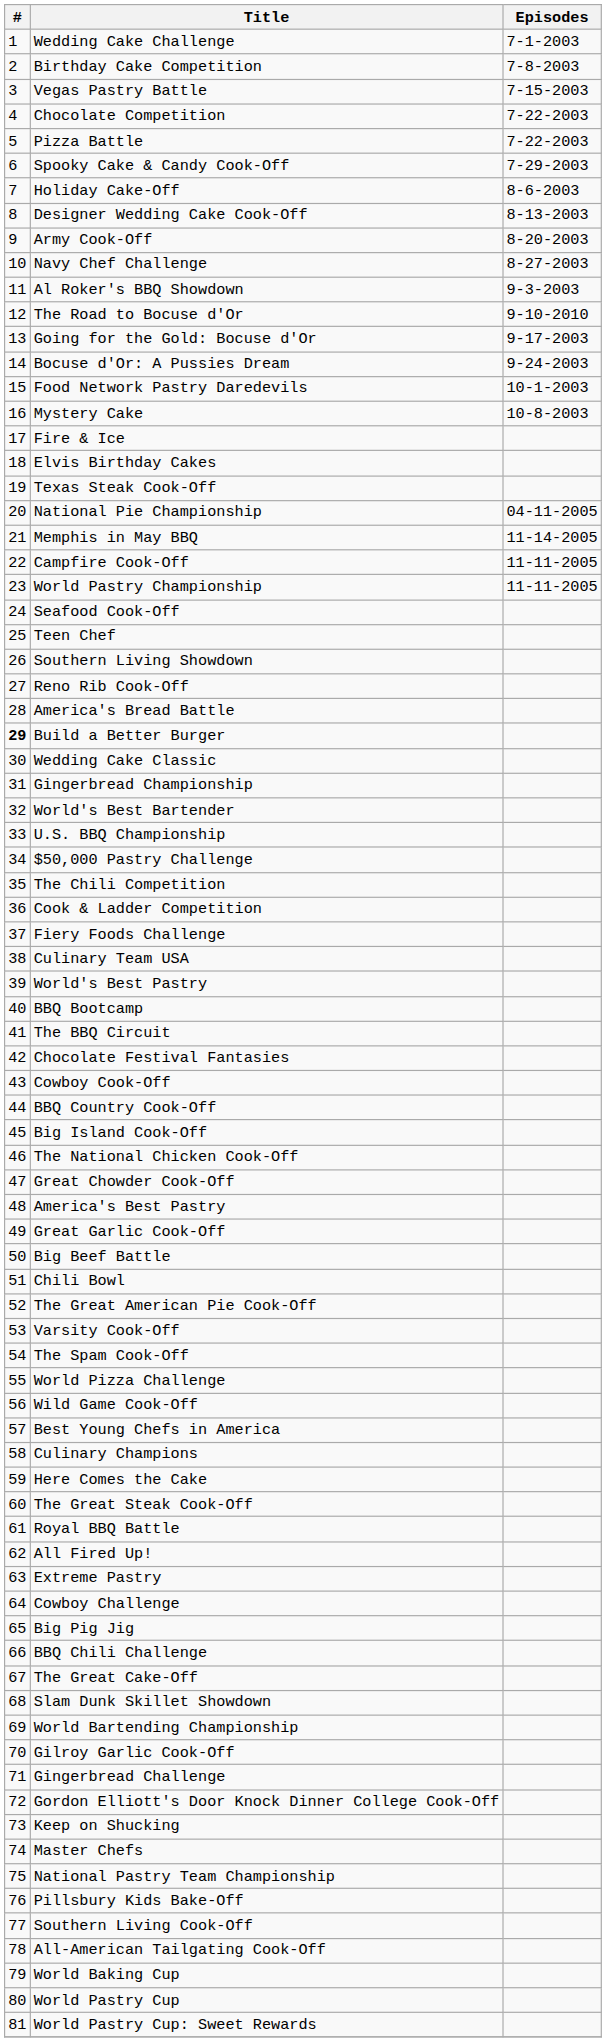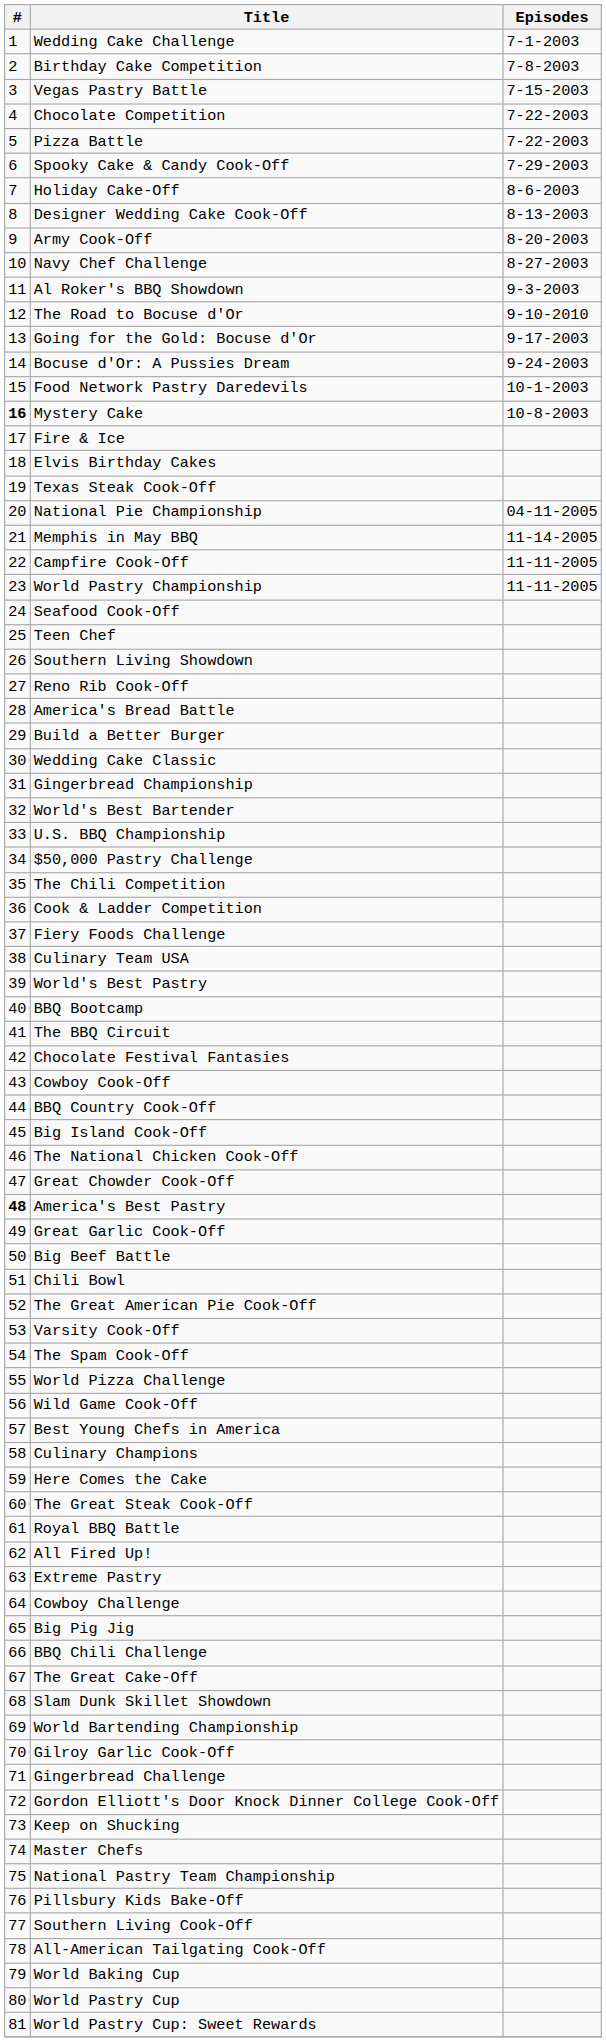 <table class="wikitable">
 <tr>
 <th>#</th>
 <th>Title</th>
 <th>Episodes</th>
 </tr>
 <tr>
 <td>1</td>
 <td>Wedding Cake Challenge</td>
 <td>7-1-2003</td>
 </tr>
 <tr>
 <td>2</td>
 <td>Birthday Cake Competition</td>
 <td>7-8-2003</td>
 </tr>
 <tr>
 <td>3</td>
 <td>Vegas Pastry Battle</td>
 <td>7-15-2003</td>
 </tr>
 <tr>
 <td>4</td>
 <td>Chocolate Competition</td>
 <td>7-22-2003</td>
 </tr>
 <tr>
 <td>5</td>
 <td>Pizza Battle</td>
 <td>7-22-2003</td>
 </tr>
 <tr>
 <td>6</td>
 <td>Spooky Cake & Candy Cook-Off</td>
 <td>7-29-2003</td>
 </tr>
 <tr>
 <td>7</td>
 <td>Holiday Cake-Off</td>
 <td>8-6-2003</td>
 </tr>
 <tr>
 <td>8</td>
 <td>Designer Wedding Cake Cook-Off</td>
 <td>8-13-2003</td>
 </tr>
 <tr>
 <td>9</td>
 <td>Army Cook-Off</td>
 <td>8-20-2003</td>
 </tr>
 <tr>
 <td>10</td>
 <td>Navy Chef Challenge</td>
 <td>8-27-2003</td>
 </tr>
 <tr>
 <td>11</td>
 <td>Al Roker's BBQ Showdown</td>
 <td>9-3-2003</td>
 </tr>
 <tr>
 <td>12</td>
 <td>The Road to Bocuse d'Or</td>
 <td>9-10-2010</td>
 </tr>
 <tr>
 <td>13</td>
 <td>Going for the Gold: Bocuse d'Or</td>
 <td>9-17-2003</td>
 </tr>
 <tr>
 <td>14</td>
 <td>Bocuse d'Or: A Pussies Dream</td>
 <td>9-24-2003</td>
 </tr>
 <tr>
 <td>15</td>
 <td>Food Network Pastry Daredevils</td>
 <td>10-1-2003</td>
 </tr>
 <tr>
-<td>16</td>
+<td><strong>16</strong></td>
 <td>Mystery Cake</td>
 <td>10-8-2003</td>
 </tr>
 <tr>
 <td>17</td>
 <td>Fire & Ice</td>
 <td></td>
 </tr>
 <tr>
 <td>18</td>
 <td>Elvis Birthday Cakes</td>
 <td></td>
 </tr>
 <tr>
 <td>19</td>
 <td>Texas Steak Cook-Off</td>
 <td></td>
 </tr>
 <tr>
 <td>20</td>
 <td>National Pie Championship</td>
 <td>04-11-2005</td>
 </tr>
 <tr>
 <td>21</td>
 <td>Memphis in May BBQ</td>
 <td>11-14-2005</td>
 </tr>
 <tr>
 <td>22</td>
 <td>Campfire Cook-Off</td>
 <td>11-11-2005</td>
 </tr>
 <tr>
 <td>23</td>
 <td>World Pastry Championship</td>
 <td>11-11-2005</td>
 </tr>
 <tr>
 <td>24</td>
 <td>Seafood Cook-Off</td>
 <td></td>
 </tr>
 <tr>
 <td>25</td>
 <td>Teen Chef</td>
 <td></td>
 </tr>
 <tr>
 <td>26</td>
 <td>Southern Living Showdown</td>
 <td></td>
 </tr>
 <tr>
 <td>27</td>
 <td>Reno Rib Cook-Off</td>
 <td></td>
 </tr>
 <tr>
 <td>28</td>
 <td>America's Bread Battle</td>
 <td></td>
 </tr>
 <tr>
-<td><strong>29</strong></td>
+<td>29</td>
 <td>Build a Better Burger</td>
 <td></td>
 </tr>
 <tr>
 <td>30</td>
 <td>Wedding Cake Classic</td>
 <td></td>
 </tr>
 <tr>
 <td>31</td>
 <td>Gingerbread Championship</td>
 <td></td>
 </tr>
 <tr>
 <td>32</td>
 <td>World's Best Bartender</td>
 <td></td>
 </tr>
 <tr>
 <td>33</td>
 <td>U.S. BBQ Championship</td>
 <td></td>
 </tr>
 <tr>
 <td>34</td>
 <td>$50,000 Pastry Challenge</td>
 <td></td>
 </tr>
 <tr>
 <td>35</td>
 <td>The Chili Competition</td>
 <td></td>
 </tr>
 <tr>
 <td>36</td>
 <td>Cook & Ladder Competition</td>
 <td></td>
 </tr>
 <tr>
 <td>37</td>
 <td>Fiery Foods Challenge</td>
 <td></td>
 </tr>
 <tr>
 <td>38</td>
 <td>Culinary Team USA</td>
 <td></td>
 </tr>
 <tr>
 <td>39</td>
 <td>World's Best Pastry</td>
 <td></td>
 </tr>
 <tr>
 <td>40</td>
 <td>BBQ Bootcamp</td>
 <td></td>
 </tr>
 <tr>
 <td>41</td>
 <td>The BBQ Circuit</td>
 <td></td>
 </tr>
 <tr>
 <td>42</td>
 <td>Chocolate Festival Fantasies</td>
 <td></td>
 </tr>
 <tr>
 <td>43</td>
 <td>Cowboy Cook-Off</td>
 <td></td>
 </tr>
 <tr>
 <td>44</td>
 <td>BBQ Country Cook-Off</td>
 <td></td>
 </tr>
 <tr>
 <td>45</td>
 <td>Big Island Cook-Off</td>
 <td></td>
 </tr>
 <tr>
 <td>46</td>
 <td>The National Chicken Cook-Off</td>
 <td></td>
 </tr>
 <tr>
 <td>47</td>
 <td>Great Chowder Cook-Off</td>
 <td></td>
 </tr>
 <tr>
-<td>48</td>
+<td><strong>48</strong></td>
 <td>America's Best Pastry</td>
 <td></td>
 </tr>
 <tr>
 <td>49</td>
 <td>Great Garlic Cook-Off</td>
 <td></td>
 </tr>
 <tr>
 <td>50</td>
 <td>Big Beef Battle</td>
 <td></td>
 </tr>
 <tr>
 <td>51</td>
 <td>Chili Bowl</td>
 <td></td>
 </tr>
 <tr>
 <td>52</td>
 <td>The Great American Pie Cook-Off</td>
 <td></td>
 </tr>
 <tr>
 <td>53</td>
 <td>Varsity Cook-Off</td>
 <td></td>
 </tr>
 <tr>
 <td>54</td>
 <td>The Spam Cook-Off</td>
 <td></td>
 </tr>
 <tr>
 <td>55</td>
 <td>World Pizza Challenge</td>
 <td></td>
 </tr>
 <tr>
 <td>56</td>
 <td>Wild Game Cook-Off</td>
 <td></td>
 </tr>
 <tr>
 <td>57</td>
 <td>Best Young Chefs in America</td>
 <td></td>
 </tr>
 <tr>
 <td>58</td>
 <td>Culinary Champions</td>
 <td></td>
 </tr>
 <tr>
 <td>59</td>
 <td>Here Comes the Cake</td>
 <td></td>
 </tr>
 <tr>
 <td>60</td>
 <td>The Great Steak Cook-Off</td>
 <td></td>
 </tr>
 <tr>
 <td>61</td>
 <td>Royal BBQ Battle</td>
 <td></td>
 </tr>
 <tr>
 <td>62</td>
 <td>All Fired Up!</td>
 <td></td>
 </tr>
 <tr>
 <td>63</td>
 <td>Extreme Pastry</td>
 <td></td>
 </tr>
 <tr>
 <td>64</td>
 <td>Cowboy Challenge</td>
 <td></td>
 </tr>
 <tr>
 <td>65</td>
 <td>Big Pig Jig</td>
 <td></td>
 </tr>
 <tr>
 <td>66</td>
 <td>BBQ Chili Challenge</td>
 <td></td>
 </tr>
 <tr>
 <td>67</td>
 <td>The Great Cake-Off</td>
 <td></td>
 </tr>
 <tr>
 <td>68</td>
 <td>Slam Dunk Skillet Showdown</td>
 <td></td>
 </tr>
 <tr>
 <td>69</td>
 <td>World Bartending Championship</td>
 <td></td>
 </tr>
 <tr>
 <td>70</td>
 <td>Gilroy Garlic Cook-Off</td>
 <td></td>
 </tr>
 <tr>
 <td>71</td>
 <td>Gingerbread Challenge</td>
 <td></td>
 </tr>
 <tr>
 <td>72</td>
 <td>Gordon Elliott's Door Knock Dinner College Cook-Off</td>
 <td></td>
 </tr>
 <tr>
 <td>73</td>
 <td>Keep on Shucking</td>
 <td></td>
 </tr>
 <tr>
 <td>74</td>
 <td>Master Chefs</td>
 <td></td>
 </tr>
 <tr>
 <td>75</td>
 <td>National Pastry Team Championship</td>
 <td></td>
 </tr>
 <tr>
 <td>76</td>
 <td>Pillsbury Kids Bake-Off</td>
 <td></td>
 </tr>
 <tr>
 <td>77</td>
 <td>Southern Living Cook-Off</td>
 <td></td>
 </tr>
 <tr>
 <td>78</td>
 <td>All-American Tailgating Cook-Off</td>
 <td></td>
 </tr>
 <tr>
 <td>79</td>
 <td>World Baking Cup</td>
 <td></td>
 </tr>
 <tr>
 <td>80</td>
 <td>World Pastry Cup</td>
 <td></td>
 </tr>
 <tr>
 <td>81</td>
 <td>World Pastry Cup: Sweet Rewards</td>
 <td></td>
 </tr>
 <tr>
 </tr>
 </table>
